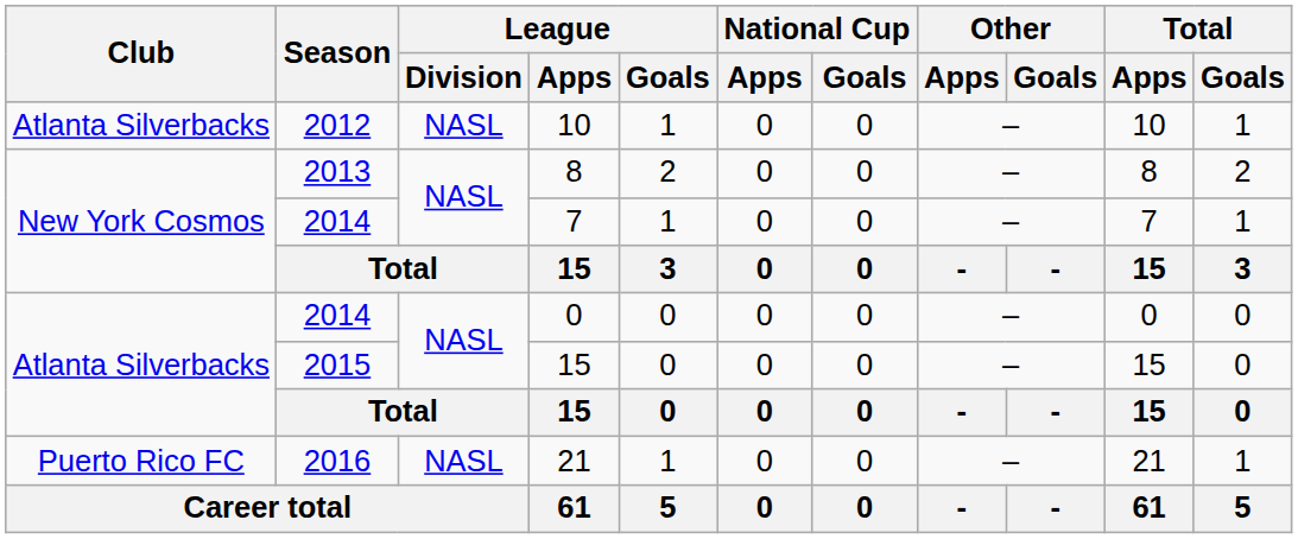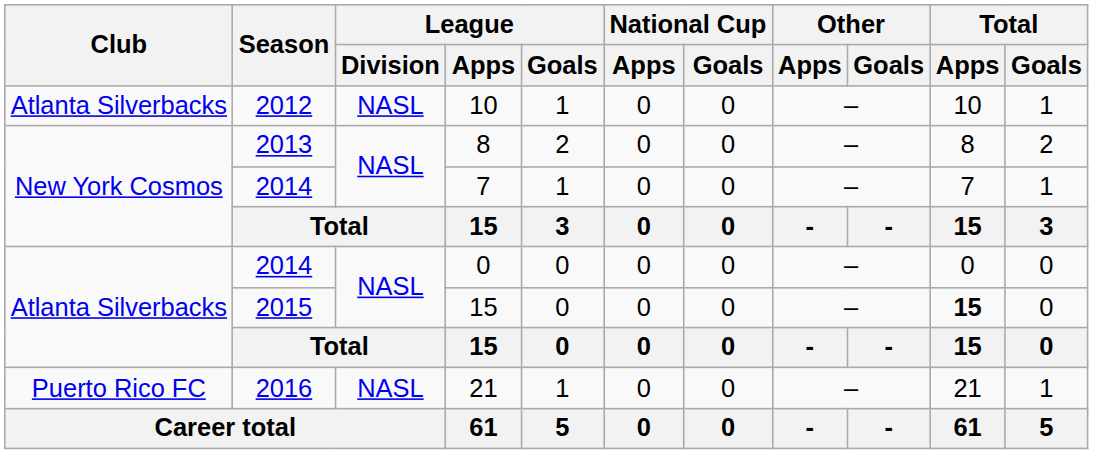 <table class="wikitable" style="text-align: center;">
 <tr>
 <th rowspan="2">Club</th>
 <th rowspan="2">Season</th>
 <th colspan="3">League</th>
 <th colspan="2">National Cup</th>
 <th colspan="2">Other</th>
 <th colspan="2">Total</th>
 </tr>
 <tr>
 <th>Division</th>
 <th>Apps</th>
 <th>Goals</th>
 <th>Apps</th>
 <th>Goals</th>
 <th>Apps</th>
 <th>Goals</th>
 <th>Apps</th>
 <th>Goals</th>
 </tr>
 <tr>
 <td valign="center"><a href='#'>Atlanta Silverbacks</a></td>
 <td><a href='#'>2012</a></td>
 <td><a href='#'>NASL</a></td>
 <td>10</td>
 <td>1</td>
 <td>0</td>
 <td>0</td>
 <td colspan="2">–</td>
 <td>10</td>
 <td>1</td>
 </tr>
 <tr>
 <td rowspan="3" valign="center"><a href='#'>New York Cosmos</a></td>
 <td><a href='#'>2013</a></td>
 <td rowspan="2" valign="center"><a href='#'>NASL</a></td>
 <td>8</td>
 <td>2</td>
 <td>0</td>
 <td>0</td>
 <td colspan="2">–</td>
 <td>8</td>
 <td>2</td>
 </tr>
 <tr>
 <td><a href='#'>2014</a></td>
 <td>7</td>
 <td>1</td>
 <td>0</td>
 <td>0</td>
 <td colspan="2">–</td>
 <td>7</td>
 <td>1</td>
 </tr>
 <tr>
 <th colspan="2">Total</th>
 <th>15</th>
 <th>3</th>
 <th>0</th>
 <th>0</th>
 <th>-</th>
 <th>-</th>
 <th>15</th>
 <th>3</th>
 </tr>
 <tr>
 <td rowspan="3" valign="center"><a href='#'>Atlanta Silverbacks</a></td>
 <td><a href='#'>2014</a></td>
 <td rowspan="2" valign="center"><a href='#'>NASL</a></td>
 <td>0</td>
 <td>0</td>
 <td>0</td>
 <td>0</td>
 <td colspan="2">–</td>
 <td>0</td>
 <td>0</td>
 </tr>
 <tr>
 <td><a href='#'>2015</a></td>
 <td>15</td>
 <td>0</td>
 <td>0</td>
 <td>0</td>
 <td colspan="2">–</td>
-<td>15</td>
+<td><strong>15</strong></td>
 <td>0</td>
 </tr>
 <tr>
 <th colspan="2">Total</th>
 <th>15</th>
 <th>0</th>
 <th>0</th>
 <th>0</th>
 <th>-</th>
 <th>-</th>
 <th>15</th>
 <th>0</th>
 </tr>
 <tr>
 <td valign="center"><a href='#'>Puerto Rico FC</a></td>
 <td><a href='#'>2016</a></td>
 <td><a href='#'>NASL</a></td>
 <td>21</td>
 <td>1</td>
 <td>0</td>
 <td>0</td>
 <td colspan="2">–</td>
 <td>21</td>
 <td>1</td>
 </tr>
 <tr>
 <th colspan="3">Career total</th>
 <th>61</th>
 <th>5</th>
 <th>0</th>
 <th>0</th>
 <th>-</th>
 <th>-</th>
 <th>61</th>
 <th>5</th>
 </tr>
 </table>
